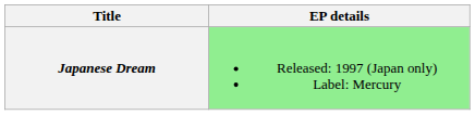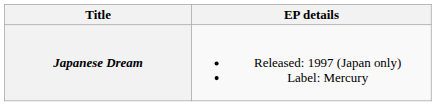 <table class="wikitable plainrowheaders" style="text-align:center;">
 <tr>
 <th scope="col" rowspan="1" style="width:14em;">Title</th>
 <th scope="col" rowspan="1" style="width:18em;">EP details</th>
 </tr>
 <tr>
 <th scope="row"><em>Japanese Dream</em></th>
-<td style="background: lightgreen;"><br><ul><li>Released: 1997 (Japan only)</li><li>Label: Mercury</li></ul></td>
+<td><br><ul><li>Released: 1997 (Japan only)</li><li>Label: Mercury</li></ul></td>
 </tr>
 </table>
